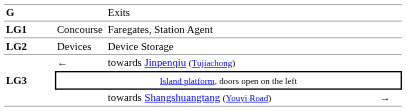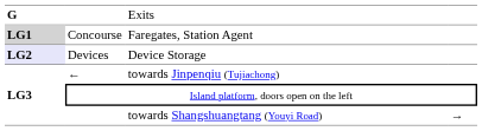 <table table border=0 cellspacing=0 cellpadding=3>
 <tr>
 <td style="border-bottom:solid 1px gray; border-top:solid 1px gray;" valign=top><strong>G</strong></td>
 <td style="border-bottom:solid 1px gray; border-top:solid 1px gray;" valign=top></td>
 <td style="border-bottom:solid 1px gray; border-top:solid 1px gray;" valign=top>Exits</td>
 <td style="border-bottom:solid 1px gray; border-top:solid 1px gray;" valign=top></td>
 </tr>
 <tr>
-<td style="border-bottom:solid 1px gray;" width=70><strong>LG1</strong></td>
+<td style="background: lightgrey; border-bottom:solid 1px gray;" width=70><strong>LG1</strong></td>
 <td style="border-bottom:solid 1px gray;" width=70>Concourse</td>
 <td style="border-bottom:solid 1px gray;" width=400>Faregates, Station Agent</td>
 <td style="border-bottom:solid 1px gray;" width=30></td>
 </tr>
 <tr>
-<td style="border-bottom:solid 1px gray;" width=70><strong>LG2</strong></td>
+<td style="background: lavender; border-bottom:solid 1px gray;" width=70><strong>LG2</strong></td>
 <td style="border-bottom:solid 1px gray;" width=70>Devices</td>
 <td style="border-bottom:solid 1px gray;" width=400>Device Storage</td>
 <td style="border-bottom:solid 1px gray;" width=30></td>
 </tr>
 <tr>
 <td style="border-bottom:solid 1px gray;" rowspan=3><strong>LG3</strong></td>
 <td>←</td>
 <td> towards <a href='#'>Jinpenqiu</a> <small>(<a href='#'>Tujiachong</a>)</small></td>
 <td></td>
 </tr>
 <tr>
 <td style="border-right:solid 2px black;border-left:solid 2px black;border-top:solid 2px black;border-bottom:solid 2px black;text-align:center;" colspan=3><small><a href='#'>Island platform</a>, doors open on the left</small></td>
 </tr>
 <tr>
 <td style="border-bottom:solid 1px gray;"></td>
 <td style="border-bottom:solid 1px gray;"> towards <a href='#'>Shangshuangtang</a> <small>(<a href='#'>Youyi Road</a>)</small></td>
 <td style="border-bottom:solid 1px gray;">→</td>
 </tr>
 <tr>
 </tr>
 </table>
